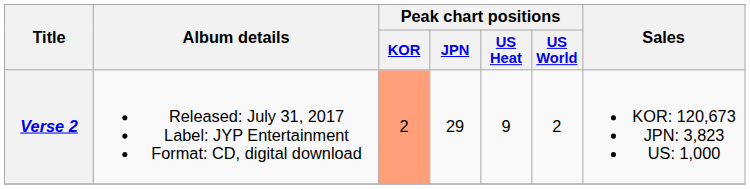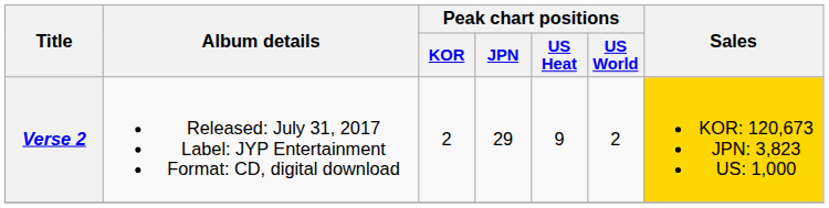 <table class="wikitable plainrowheaders" style="text-align:center;">
 <tr>
 <th scope="col" rowspan="2" style="width:5em;">Title</th>
 <th scope="col" rowspan="2" style="width:17em;">Album details</th>
 <th scope="col" colspan="4">Peak chart positions</th>
 <th scope="col" rowspan="2" style="width:9.5em;">Sales</th>
 </tr>
 <tr>
 <th scope="col" style="width:3em;font-size:90%;"><a href='#'>KOR</a><br></th>
 <th scope="col" style="width:3em;font-size:90%;"><a href='#'>JPN</a><br></th>
 <th scope="col" style="width:3em;font-size:90%;"><a href='#'>US Heat</a><br></th>
 <th scope="col" style="width:3em;font-size:90%;"><a href='#'>US World</a><br></th>
 </tr>
 <tr>
 <th scope="row"><em><a href='#'>Verse 2</a></em></th>
 <td><br><ul><li>Released: July 31, 2017</li><li>Label: JYP Entertainment</li><li>Format: CD, digital download</li></ul></td>
-<td style="background: lightsalmon;">2</td>
+<td>2</td>
 <td>29</td>
 <td>9</td>
 <td>2</td>
-<td><br><ul><li>KOR: 120,673</li><li>JPN: 3,823</li><li>US: 1,000</li></ul></td>
+<td style="background: gold;"><br><ul><li>KOR: 120,673</li><li>JPN: 3,823</li><li>US: 1,000</li></ul></td>
 </tr>
 <tr>
 </tr>
 </table>
